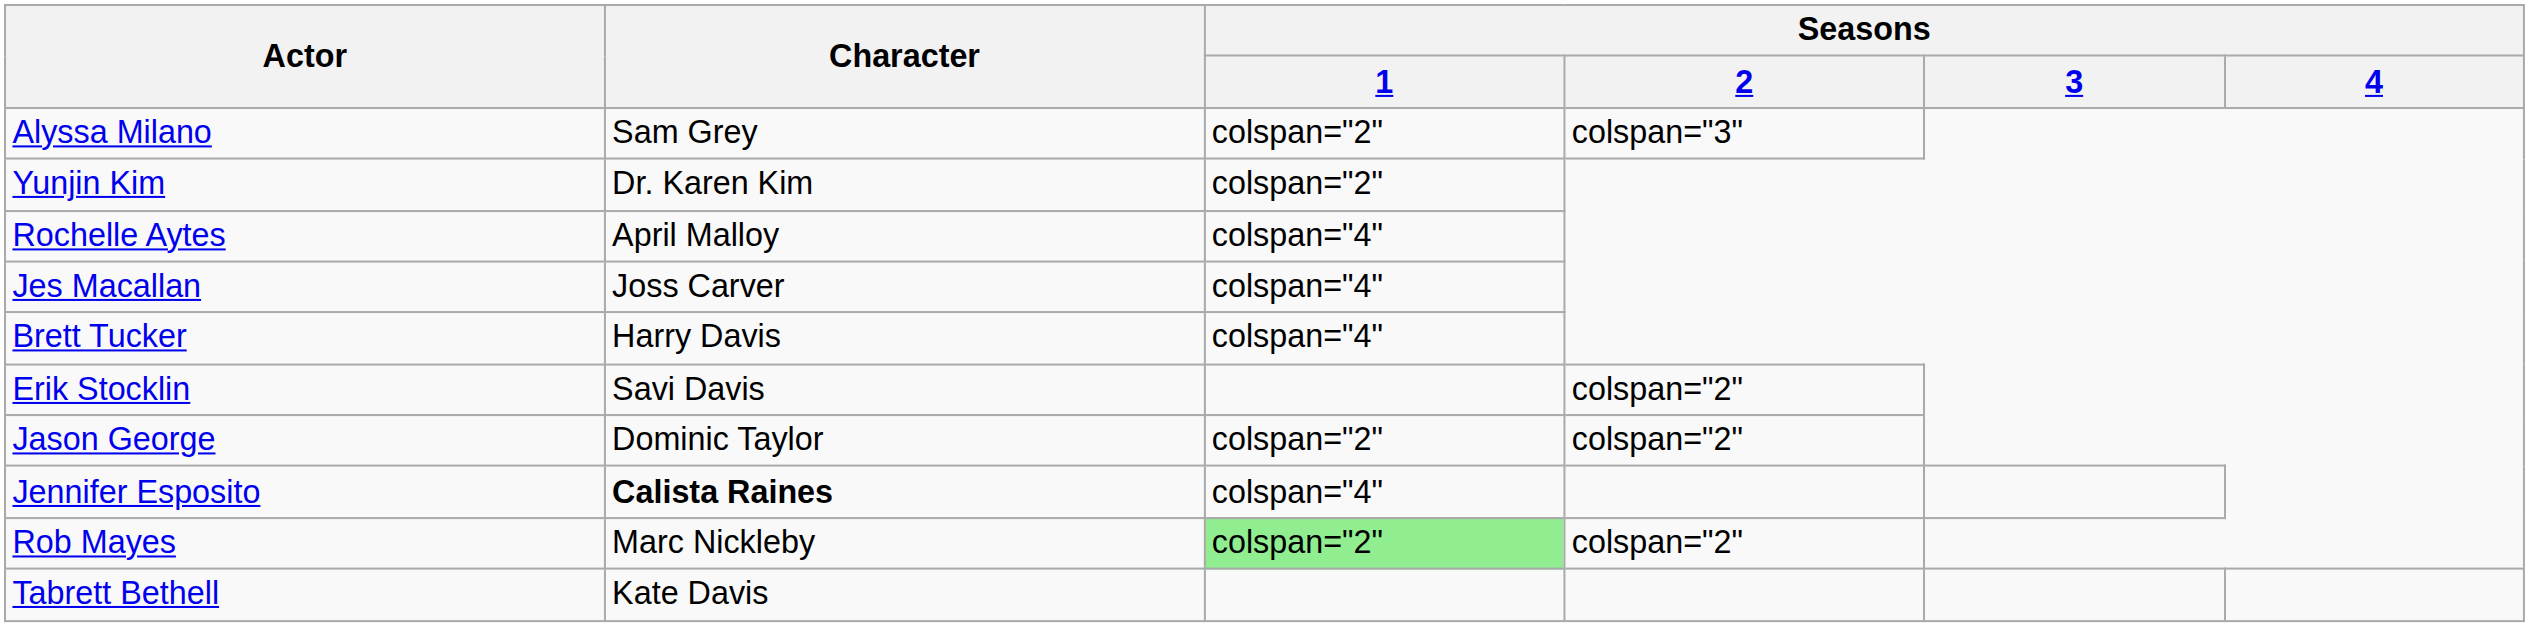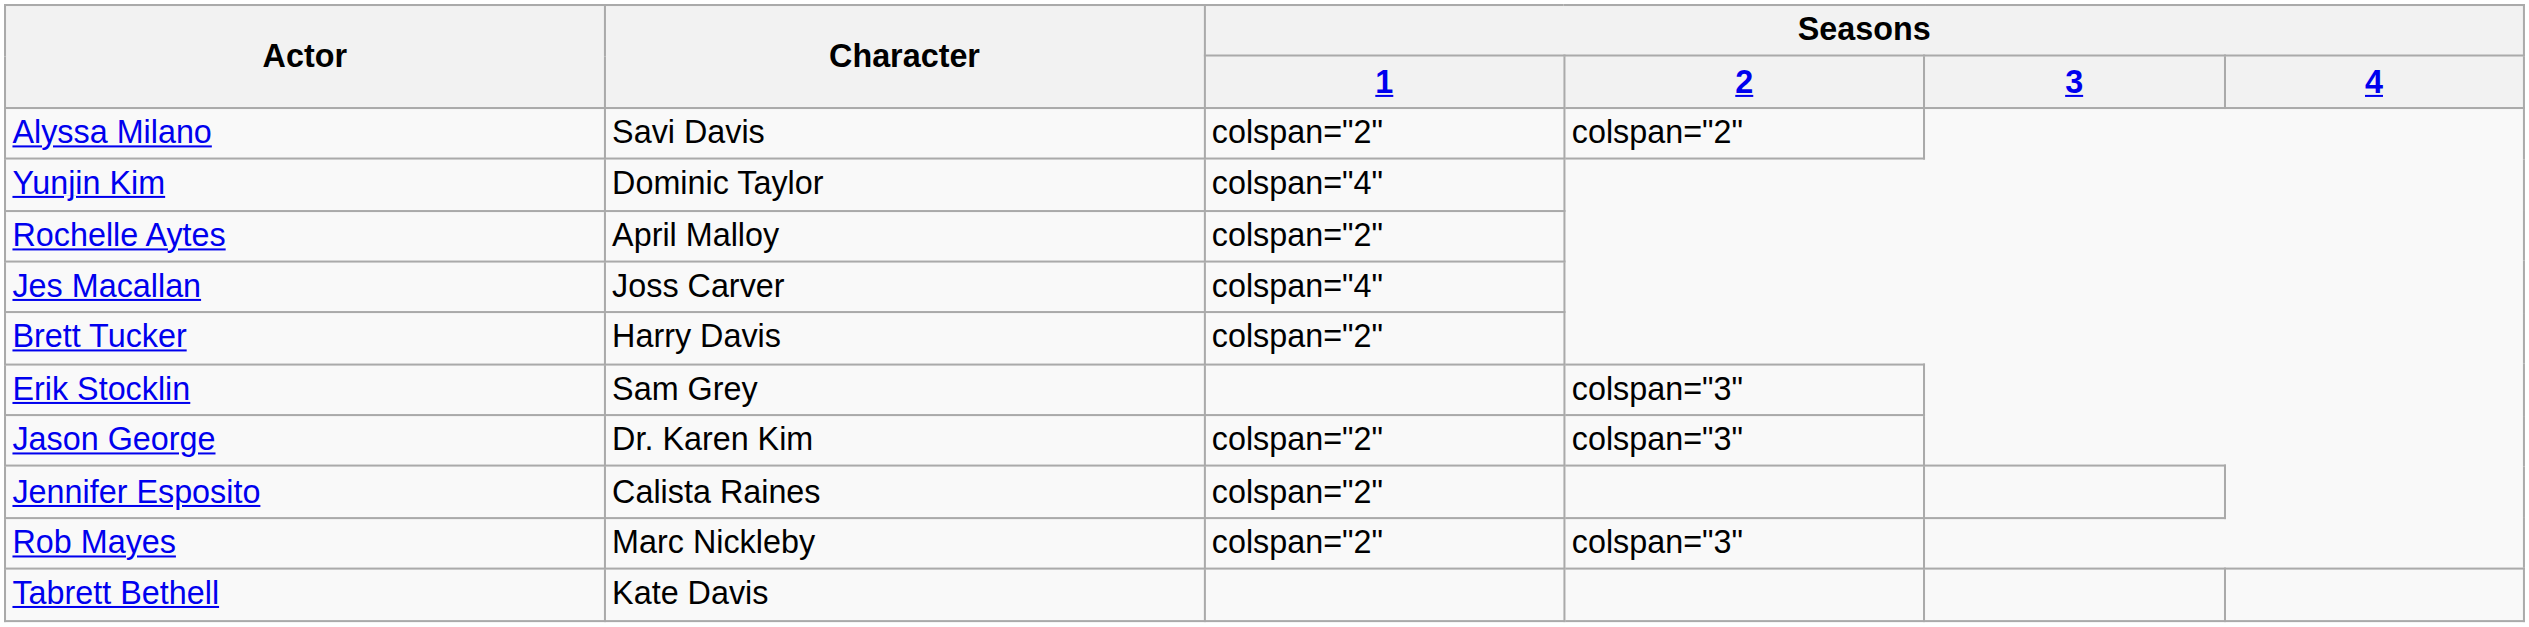 <table class="wikitable">
 <tr>
 <th style="width:10%;" rowspan="2">Actor</th>
 <th style="width:10%;" rowspan="2">Character</th>
 <th colspan="12">Seasons</th>
 </tr>
 <tr>
 <th style="width:5%;"><a href='#'>1</a></th>
 <th style="width:5%;"><a href='#'>2</a></th>
 <th style="width:5%;"><a href='#'>3</a></th>
 <th style="width:5%;"><a href='#'>4</a></th>
 </tr>
 <tr>
 <td><a href='#'>Alyssa Milano</a></td>
-<td>Sam Grey</td>
+<td>Savi Davis</td>
 <td>colspan="2" </td>
-<td>colspan="3" </td>
+<td>colspan="2" </td>
 </tr>
 <tr>
 <td><a href='#'>Yunjin Kim</a></td>
-<td>Dr. Karen Kim</td>
-<td>colspan="2" </td>
+<td>Dominic Taylor</td>
+<td>colspan="4" </td>
 </tr>
 <tr>
 <td><a href='#'>Rochelle Aytes</a></td>
 <td>April Malloy</td>
-<td>colspan="4" </td>
+<td>colspan="2" </td>
 </tr>
 <tr>
 <td><a href='#'>Jes Macallan</a></td>
 <td>Joss Carver</td>
 <td>colspan="4" </td>
 </tr>
 <tr>
 <td><a href='#'>Brett Tucker</a></td>
 <td>Harry Davis</td>
-<td>colspan="4" </td>
+<td>colspan="2" </td>
 </tr>
 <tr>
 <td><a href='#'>Erik Stocklin</a></td>
-<td>Savi Davis</td>
+<td>Sam Grey</td>
 <td></td>
-<td>colspan="2" </td>
+<td>colspan="3" </td>
 </tr>
 <tr>
 <td><a href='#'>Jason George</a></td>
-<td>Dominic Taylor</td>
+<td>Dr. Karen Kim</td>
 <td>colspan="2" </td>
-<td>colspan="2" </td>
+<td>colspan="3" </td>
 </tr>
 <tr>
 <td><a href='#'>Jennifer Esposito</a></td>
-<td><strong>Calista Raines</strong></td>
-<td>colspan="4" </td>
+<td>Calista Raines</td>
+<td>colspan="2" </td>
 <td></td>
 <td></td>
 </tr>
 <tr>
 <td><a href='#'>Rob Mayes</a></td>
 <td>Marc Nickleby</td>
-<td style="background: lightgreen;">colspan="2" </td>
 <td>colspan="2" </td>
+<td>colspan="3" </td>
 </tr>
 <tr>
 <td><a href='#'>Tabrett Bethell</a></td>
 <td>Kate Davis</td>
 <td></td>
 <td></td>
 <td></td>
 <td></td>
 </tr>
 </table>
